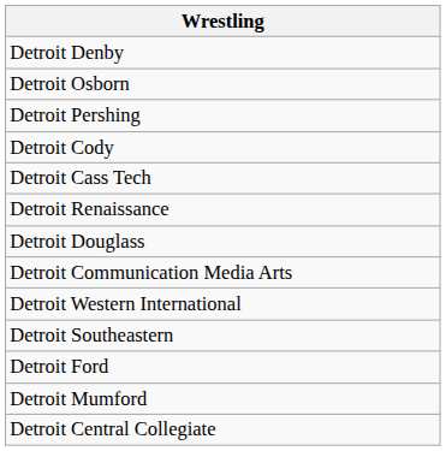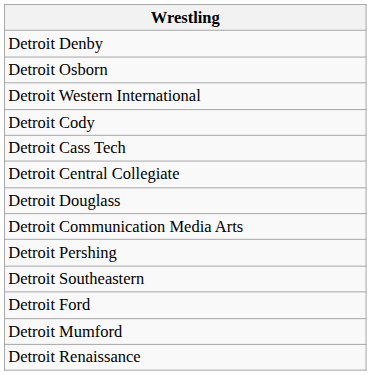 <table class="wikitable collapsible collapsed" style="width:22em">
 <tr>
 <th align=center>Wrestling</th>
 </tr>
 <tr>
 <td>Detroit Denby</td>
 </tr>
 <tr>
 <td>Detroit Osborn</td>
 </tr>
 <tr>
-<td>Detroit Pershing</td>
+<td>Detroit Western International</td>
 </tr>
 <tr>
 <td>Detroit Cody</td>
 </tr>
 <tr>
 <td>Detroit Cass Tech</td>
 </tr>
 <tr>
-<td>Detroit Renaissance</td>
+<td>Detroit Central Collegiate</td>
 </tr>
 <tr>
 <td>Detroit Douglass</td>
 </tr>
 <tr>
 <td>Detroit Communication Media Arts</td>
 </tr>
 <tr>
-<td>Detroit Western International</td>
+<td>Detroit Pershing</td>
 </tr>
 <tr>
 <td>Detroit Southeastern</td>
 </tr>
 <tr>
 <td>Detroit Ford</td>
 </tr>
 <tr>
 <td>Detroit Mumford</td>
 </tr>
 <tr>
-<td>Detroit Central Collegiate</td>
+<td>Detroit Renaissance</td>
 </tr>
 </table>
